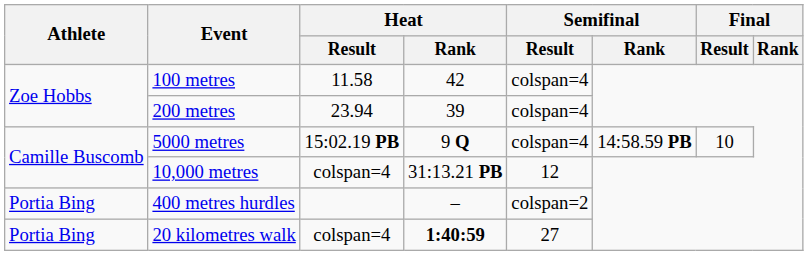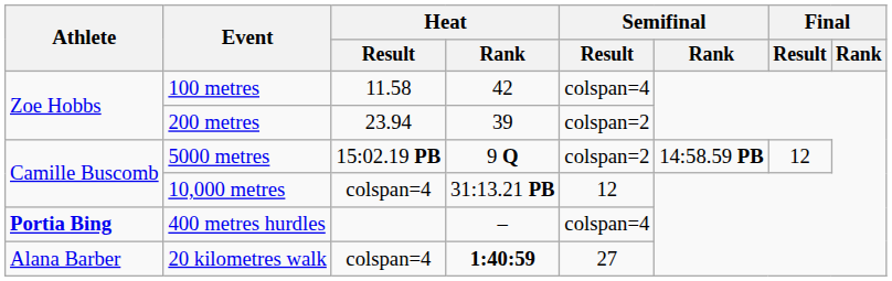 <table class=wikitable style=font-size:90%>
 <tr>
 <th rowspan=2>Athlete</th>
 <th rowspan=2>Event</th>
 <th colspan=2>Heat</th>
 <th colspan=2>Semifinal</th>
 <th colspan=2>Final</th>
 </tr>
 <tr style=font-size:95%>
 <th>Result</th>
 <th>Rank</th>
 <th>Result</th>
 <th>Rank</th>
 <th>Result</th>
 <th>Rank</th>
 </tr>
 <tr align=center>
 <td align=left rowspan=2><a href='#'>Zoe Hobbs</a></td>
 <td align=left><a href='#'>100 metres</a></td>
 <td>11.58</td>
 <td>42</td>
 <td>colspan=4 </td>
 </tr>
 <tr align=center>
 <td align=left><a href='#'>200 metres</a></td>
 <td>23.94</td>
 <td>39</td>
-<td>colspan=4 </td>
+<td>colspan=2 </td>
 </tr>
 <tr align=center>
 <td align=left rowspan=2><a href='#'>Camille Buscomb</a></td>
 <td align=left><a href='#'>5000 metres</a></td>
 <td>15:02.19 <strong>PB</strong></td>
 <td>9 <strong>Q</strong></td>
-<td>colspan=4 </td>
+<td>colspan=2 </td>
 <td>14:58.59 <strong>PB</strong></td>
-<td>10</td>
+<td>12</td>
 </tr>
 <tr align=center>
 <td align=left><a href='#'>10,000 metres</a></td>
 <td>colspan=4 </td>
 <td>31:13.21 <strong>PB</strong></td>
 <td>12</td>
 </tr>
 <tr align=center>
-<td align=left><a href='#'>Portia Bing</a></td>
+<td align=left><strong><a href='#'>Portia Bing</a></strong></td>
 <td align=left><a href='#'>400 metres hurdles</a></td>
 <td></td>
 <td>–</td>
-<td>colspan=2 </td>
+<td>colspan=4 </td>
 </tr>
 <tr align=center>
-<td align=left><a href='#'>Portia Bing</a></td>
+<td align=left><a href='#'>Alana Barber</a></td>
 <td align=left><a href='#'>20 kilometres walk</a></td>
 <td>colspan=4 </td>
 <td><strong>1:40:59</strong></td>
 <td>27</td>
 </tr>
 </table>
